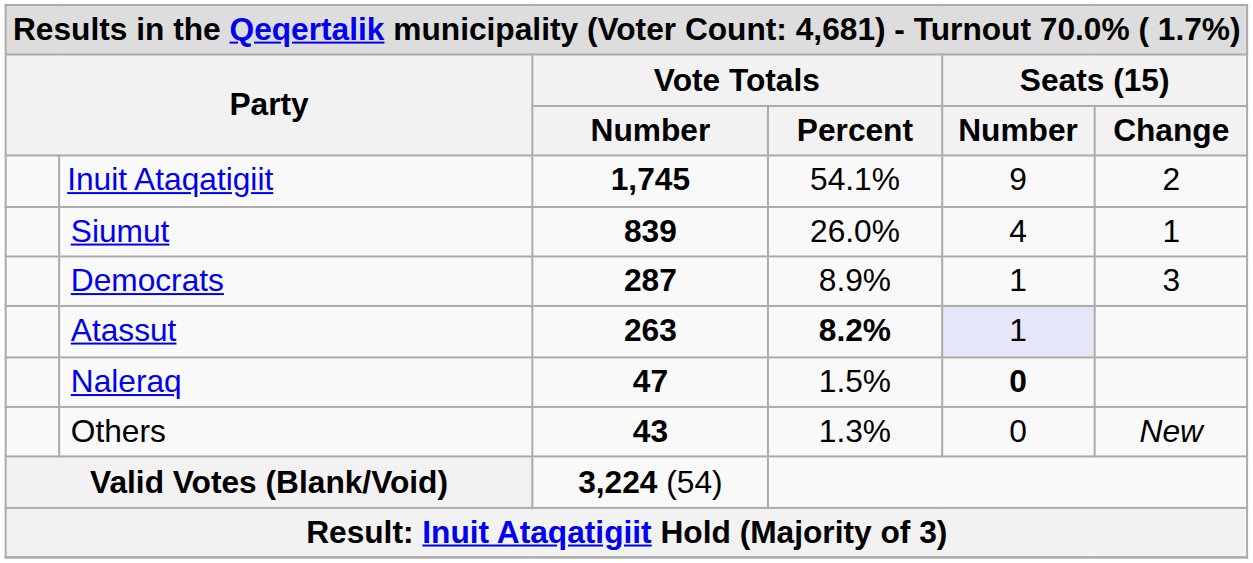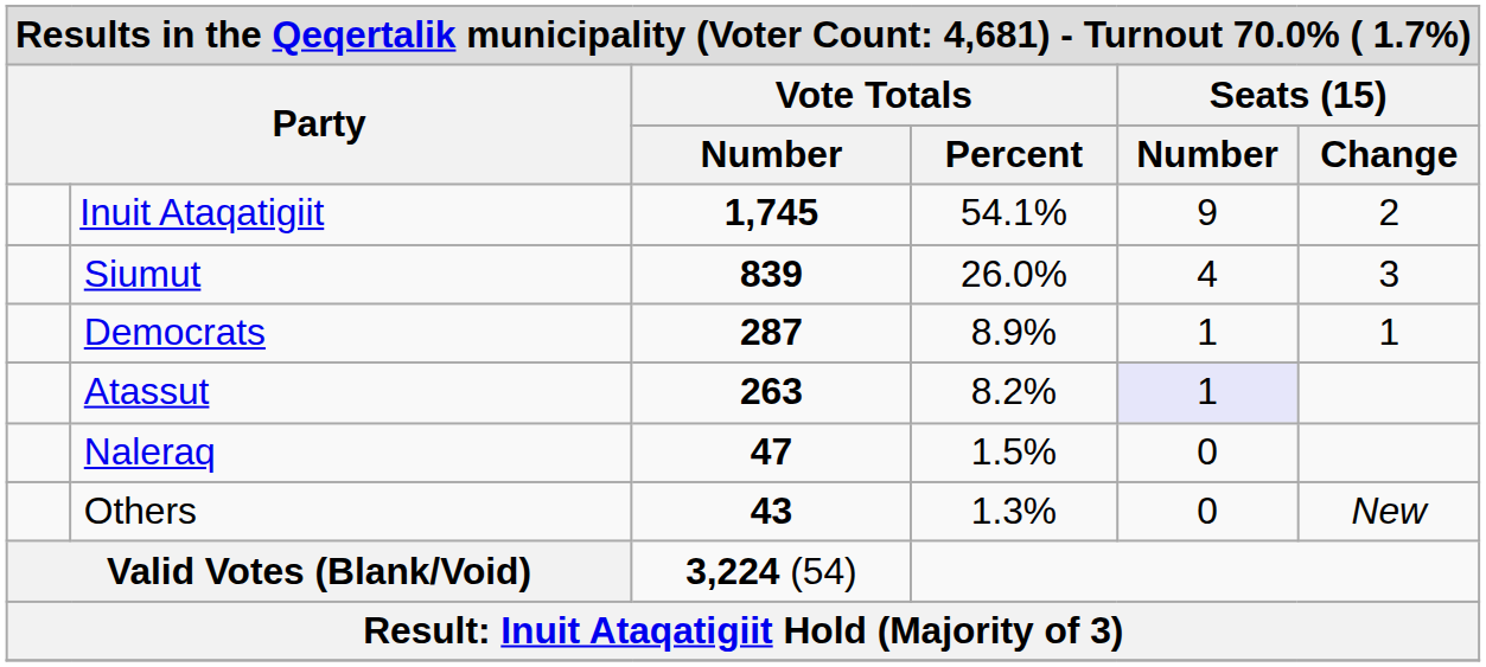 <table class="wikitable" style="margin-left:1em;">
 <tr>
 <th colspan="6" style="background:#dddddd; text-align:center;"><strong>Results in the <a href='#'>Qeqertalik</a> municipality</strong> (Voter Count: 4,681) - Turnout 70.0% ( 1.7%)</th>
 </tr>
 <tr>
 <th colspan="2" rowspan="2">Party</th>
 <th colspan="2">Vote Totals</th>
 <th colspan="2">Seats (15)</th>
 </tr>
 <tr>
 <th>Number</th>
 <th style="width:80px;">Percent</th>
 <th style="width:70px;">Number</th>
 <th style="width:70px;">Change</th>
 </tr>
 <tr>
 <td style="width:20px; background:"></td>
 <td style="width:200px padding-left:5px;"><a href='#'>Inuit Ataqatigiit</a></td>
 <td style="text-align:center;"><strong>1,745</strong></td>
 <td style="text-align:center;">54.1%</td>
 <td style="text-align:center;">9</td>
 <td style="text-align:center;"> 2</td>
 </tr>
 <tr>
 <td style="background:"></td>
 <td style="padding-left:5px;"><a href='#'>Siumut</a></td>
 <td style="text-align:center;"><strong>839</strong></td>
 <td style="text-align:center;">26.0%</td>
 <td style="text-align:center;">4</td>
-<td style="text-align:center;"> 1</td>
+<td style="text-align:center;"> 3</td>
 </tr>
 <tr>
 <td style="background:"></td>
 <td style="padding-left:5px;"><a href='#'>Democrats</a></td>
 <td style="text-align:center;"><strong>287</strong></td>
 <td style="text-align:center;">8.9%</td>
 <td style="text-align:center;">1</td>
-<td style="text-align:center;"> 3</td>
+<td style="text-align:center;"> 1</td>
 </tr>
 <tr>
 <td style="background:"></td>
 <td style="padding-left:5px;"><a href='#'>Atassut</a></td>
 <td style="text-align:center;"><strong>263</strong></td>
-<td style="text-align:center;"><strong>8.2%</strong></td>
+<td style="text-align:center;">8.2%</td>
 <td style="background: lavender; text-align:center;">1</td>
 <td style="text-align:center;"></td>
 </tr>
 <tr>
 <td style="background:"></td>
 <td style="padding-left:5px;"><a href='#'>Naleraq</a></td>
 <td style="text-align:center;"><strong>47</strong></td>
 <td style="text-align:center;">1.5%</td>
-<td style="text-align:center;"><strong>0</strong></td>
+<td style="text-align:center;">0</td>
 <td style="text-align:center;"></td>
 </tr>
 <tr>
 <td style="background:"></td>
 <td style="padding-left:5px;">Others</td>
 <td style="text-align:center;"><strong>43</strong></td>
 <td style="text-align:center;">1.3%</td>
 <td style="text-align:center;">0</td>
 <td style="text-align:center;"><em>New</em></td>
 </tr>
 <tr>
 <th colspan="2" rowspan="1"><strong>Valid Votes</strong> (Blank/Void)</th>
 <td style="text-align:center;"><strong>3,224</strong> (54)</td>
 <td colspan="4"></td>
 </tr>
 <tr>
 <th colspan="6">Result: <a href='#'>Inuit Ataqatigiit</a> Hold (Majority of 3)</th>
 </tr>
 <tr>
 </tr>
 </table>
